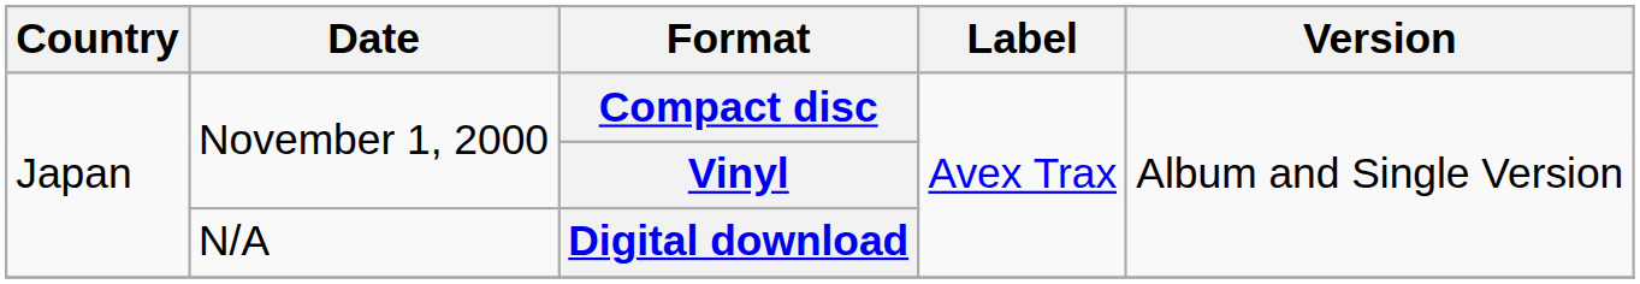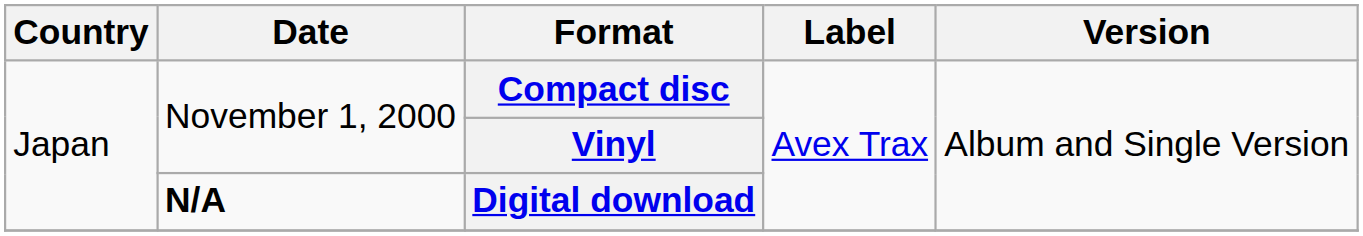 <table class="wikitable plainrowheaders">
 <tr>
 <th scope="col">Country</th>
 <th scope="col">Date</th>
 <th scope="col">Format</th>
 <th scope="col">Label</th>
 <th scope="col">Version</th>
 </tr>
 <tr>
 <td rowspan="3">Japan</td>
 <td rowspan="2">November 1, 2000</td>
 <th scope="row"><a href='#'>Compact disc</a></th>
 <td rowspan="3"><a href='#'>Avex Trax</a></td>
 <td rowspan="3">Album and Single Version</td>
 </tr>
 <tr>
 <th scope="row"><a href='#'>Vinyl</a></th>
 </tr>
 <tr>
-<td>N/A</td>
+<td><strong>N/A</strong></td>
 <th scope="row"><a href='#'>Digital download</a></th>
 </tr>
 <tr>
 </tr>
 </table>
